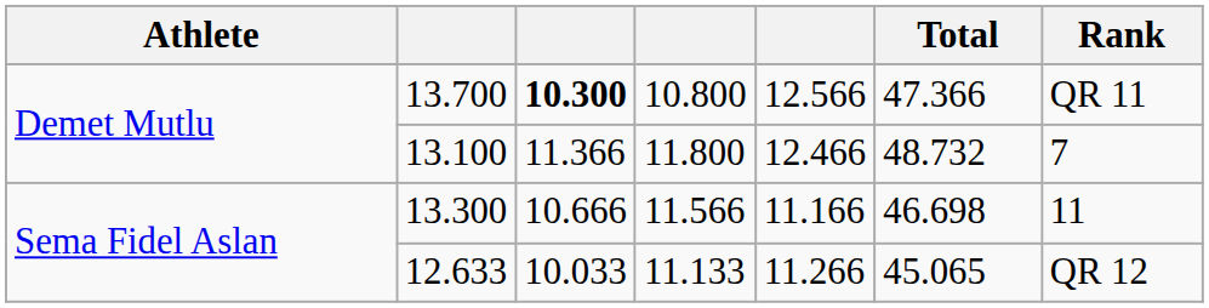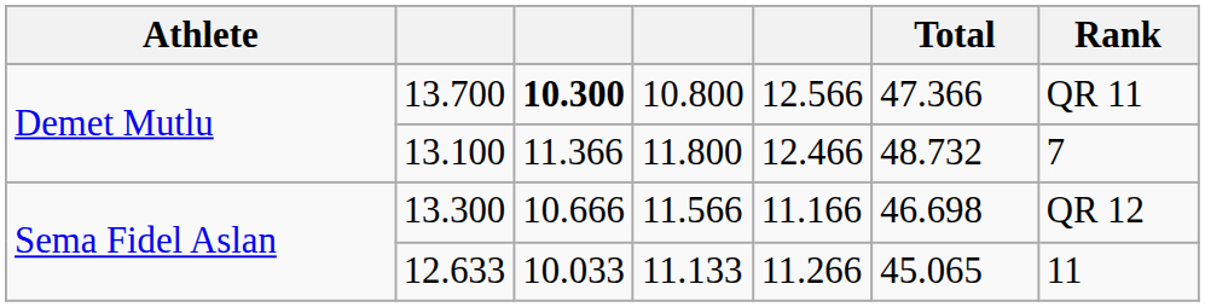 <table class="wikitable" style="text-align:left;">
 <tr>
 <th>Athlete</th>
 <th width="10%"></th>
 <th width="10%"></th>
 <th width="10%"></th>
 <th width="10%"></th>
 <th>Total</th>
 <th>Rank</th>
 </tr>
 <tr>
 <td rowspan=2><a href='#'>Demet Mutlu</a></td>
 <td>13.700</td>
 <td><strong>10.300</strong></td>
 <td>10.800</td>
 <td>12.566</td>
 <td>47.366</td>
 <td>QR 11</td>
 </tr>
 <tr>
 <td>13.100</td>
 <td>11.366</td>
 <td>11.800</td>
 <td>12.466</td>
 <td>48.732</td>
 <td>7</td>
 </tr>
 <tr>
 <td rowspan=2><a href='#'>Sema Fidel Aslan</a></td>
 <td>13.300</td>
 <td>10.666</td>
 <td>11.566</td>
 <td>11.166</td>
 <td>46.698</td>
-<td>11</td>
+<td>QR 12</td>
 </tr>
 <tr>
 <td>12.633</td>
 <td>10.033</td>
 <td>11.133</td>
 <td>11.266</td>
 <td>45.065</td>
-<td>QR 12</td>
+<td>11</td>
 </tr>
 </table>
